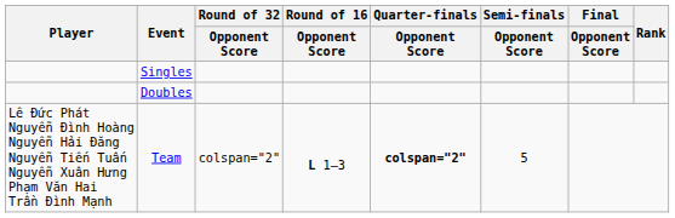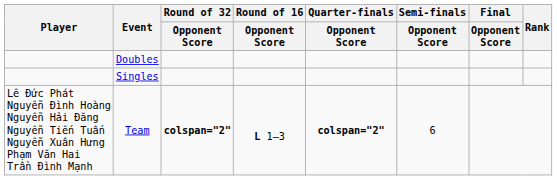 <table class="wikitable" style="font-size:90%; text-align:center">
 <tr>
 <th rowspan="2">Player</th>
 <th rowspan="2">Event</th>
 <th>Round of 32</th>
 <th>Round of 16</th>
 <th>Quarter-finals</th>
 <th>Semi-finals</th>
 <th>Final</th>
 <th rowspan="2">Rank</th>
 </tr>
 <tr>
 <th>Opponent<br>Score</th>
 <th>Opponent<br>Score</th>
 <th>Opponent<br>Score</th>
 <th>Opponent<br>Score</th>
 <th>Opponent<br>Score</th>
 </tr>
 <tr>
 <td align="left"></td>
-<td><a href='#'>Singles</a></td>
+<td><a href='#'>Doubles</a></td>
 <td></td>
 <td></td>
 <td></td>
 <td></td>
 <td></td>
 <td></td>
 </tr>
 <tr>
 <td align="left"></td>
-<td><a href='#'>Doubles</a></td>
+<td><a href='#'>Singles</a></td>
 <td></td>
 <td></td>
 <td></td>
 <td></td>
 <td></td>
 <td></td>
 </tr>
 <tr>
 <td align="left">Lê Đức Phát<br>Nguyễn Đình Hoàng<br>Nguyễn Hải Đăng<br>Nguyễn Tiến Tuấn<br>Nguyễn Xuân Hưng<br>Phạm Văn Hai<br>Trần Đình Mạnh</td>
 <td><a href='#'>Team</a></td>
-<td>colspan="2" </td>
+<td><strong>colspan="2" </strong></td>
 <td><br><strong>L</strong> 1–3</td>
 <td><strong>colspan="2" </strong></td>
-<td>5</td>
+<td>6</td>
 </tr>
 </table>
